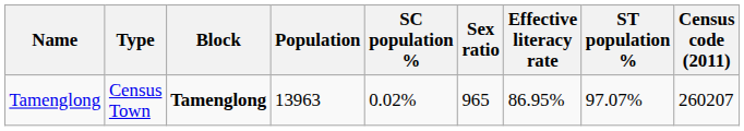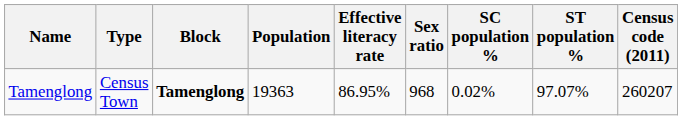 <table class="wikitable sortable">
 <tr>
 <th>Name</th>
 <th>Type</th>
 <th>Block</th>
 <th>Population</th>
+<th>Effective literacy rate</th>
+<th>Sex ratio</th>
 <th>SC population %</th>
-<th>Sex ratio</th>
-<th>Effective literacy rate</th>
 <th>ST population %</th>
 <th>Census code (2011)</th>
 </tr>
 <tr>
 <td><a href='#'>Tamenglong</a></td>
 <td><a href='#'>Census Town</a></td>
 <td><strong>Tamenglong</strong></td>
-<td>13963</td>
+<td>19363</td>
+<td>86.95%</td>
+<td>968</td>
 <td>0.02%</td>
-<td>965</td>
-<td>86.95%</td>
 <td>97.07%</td>
 <td>260207</td>
 </tr>
 </table>
